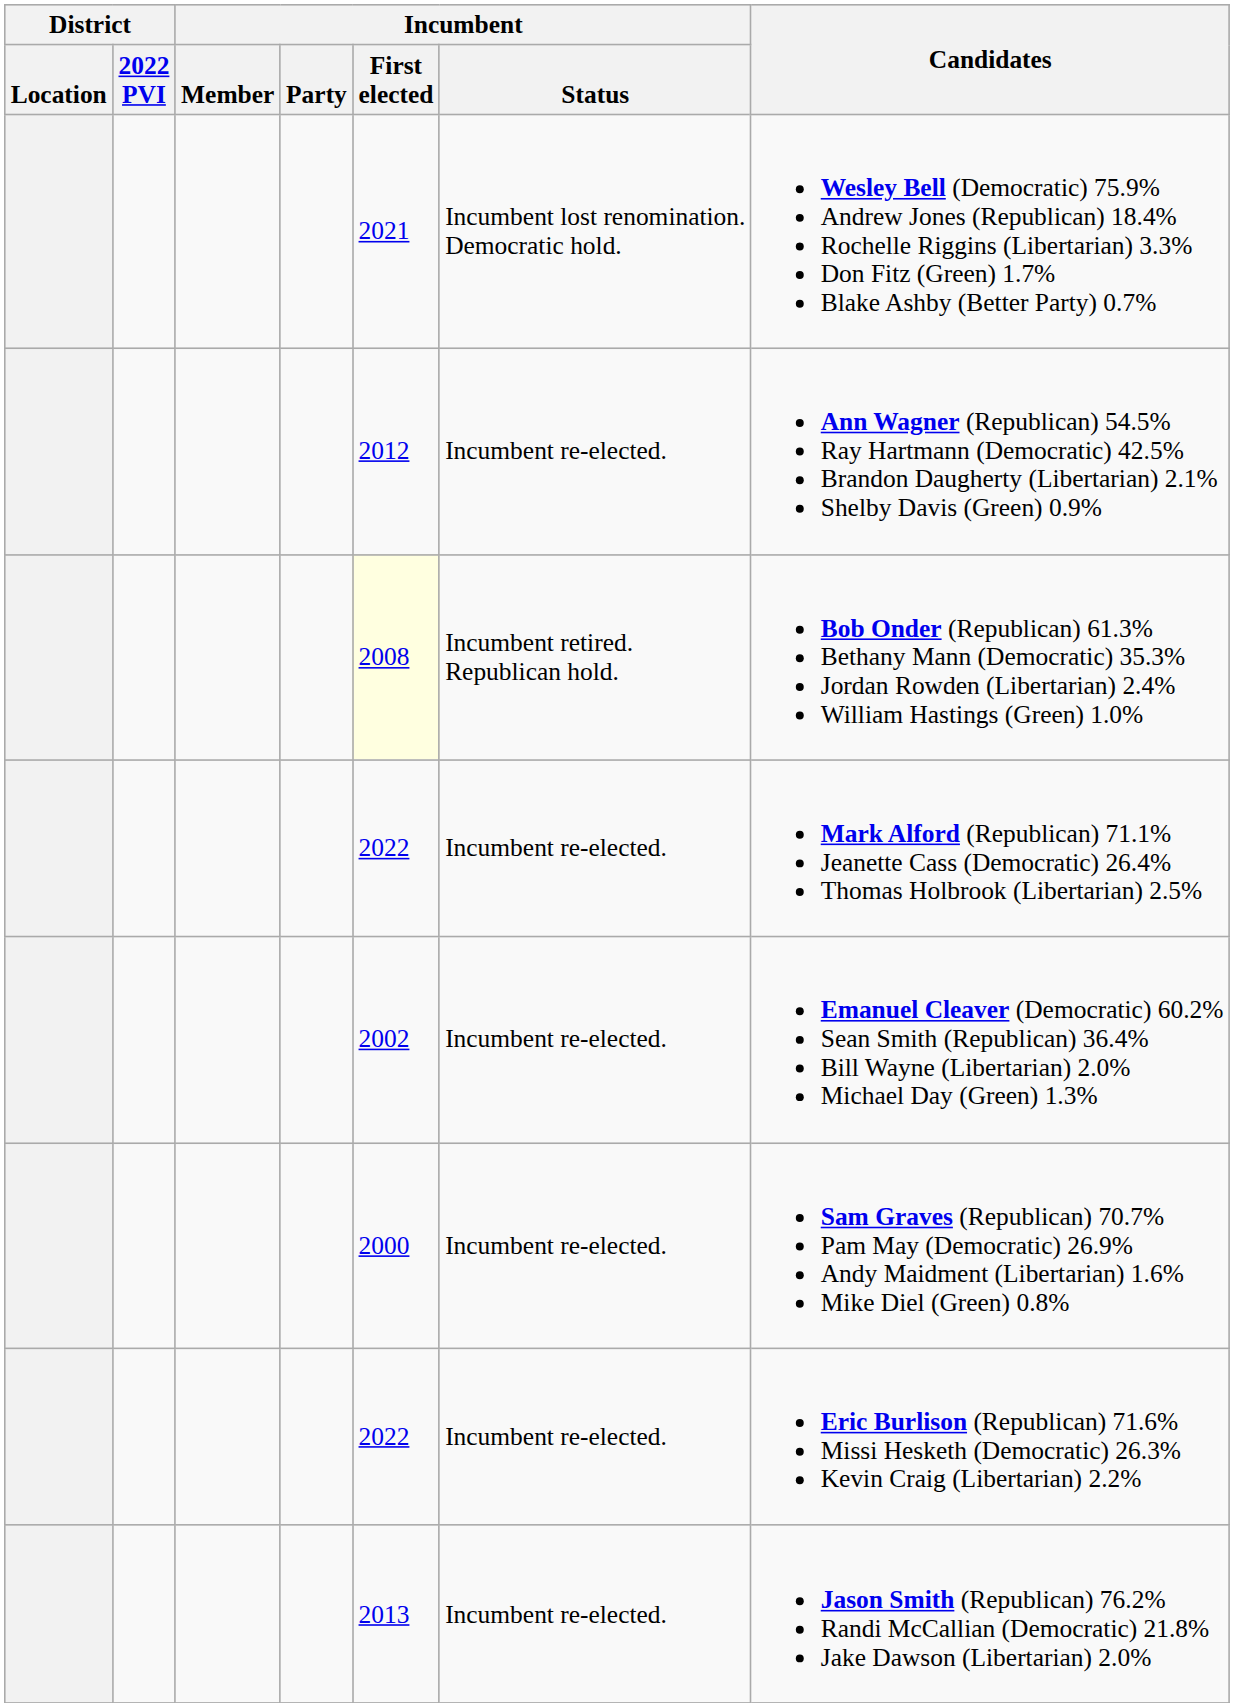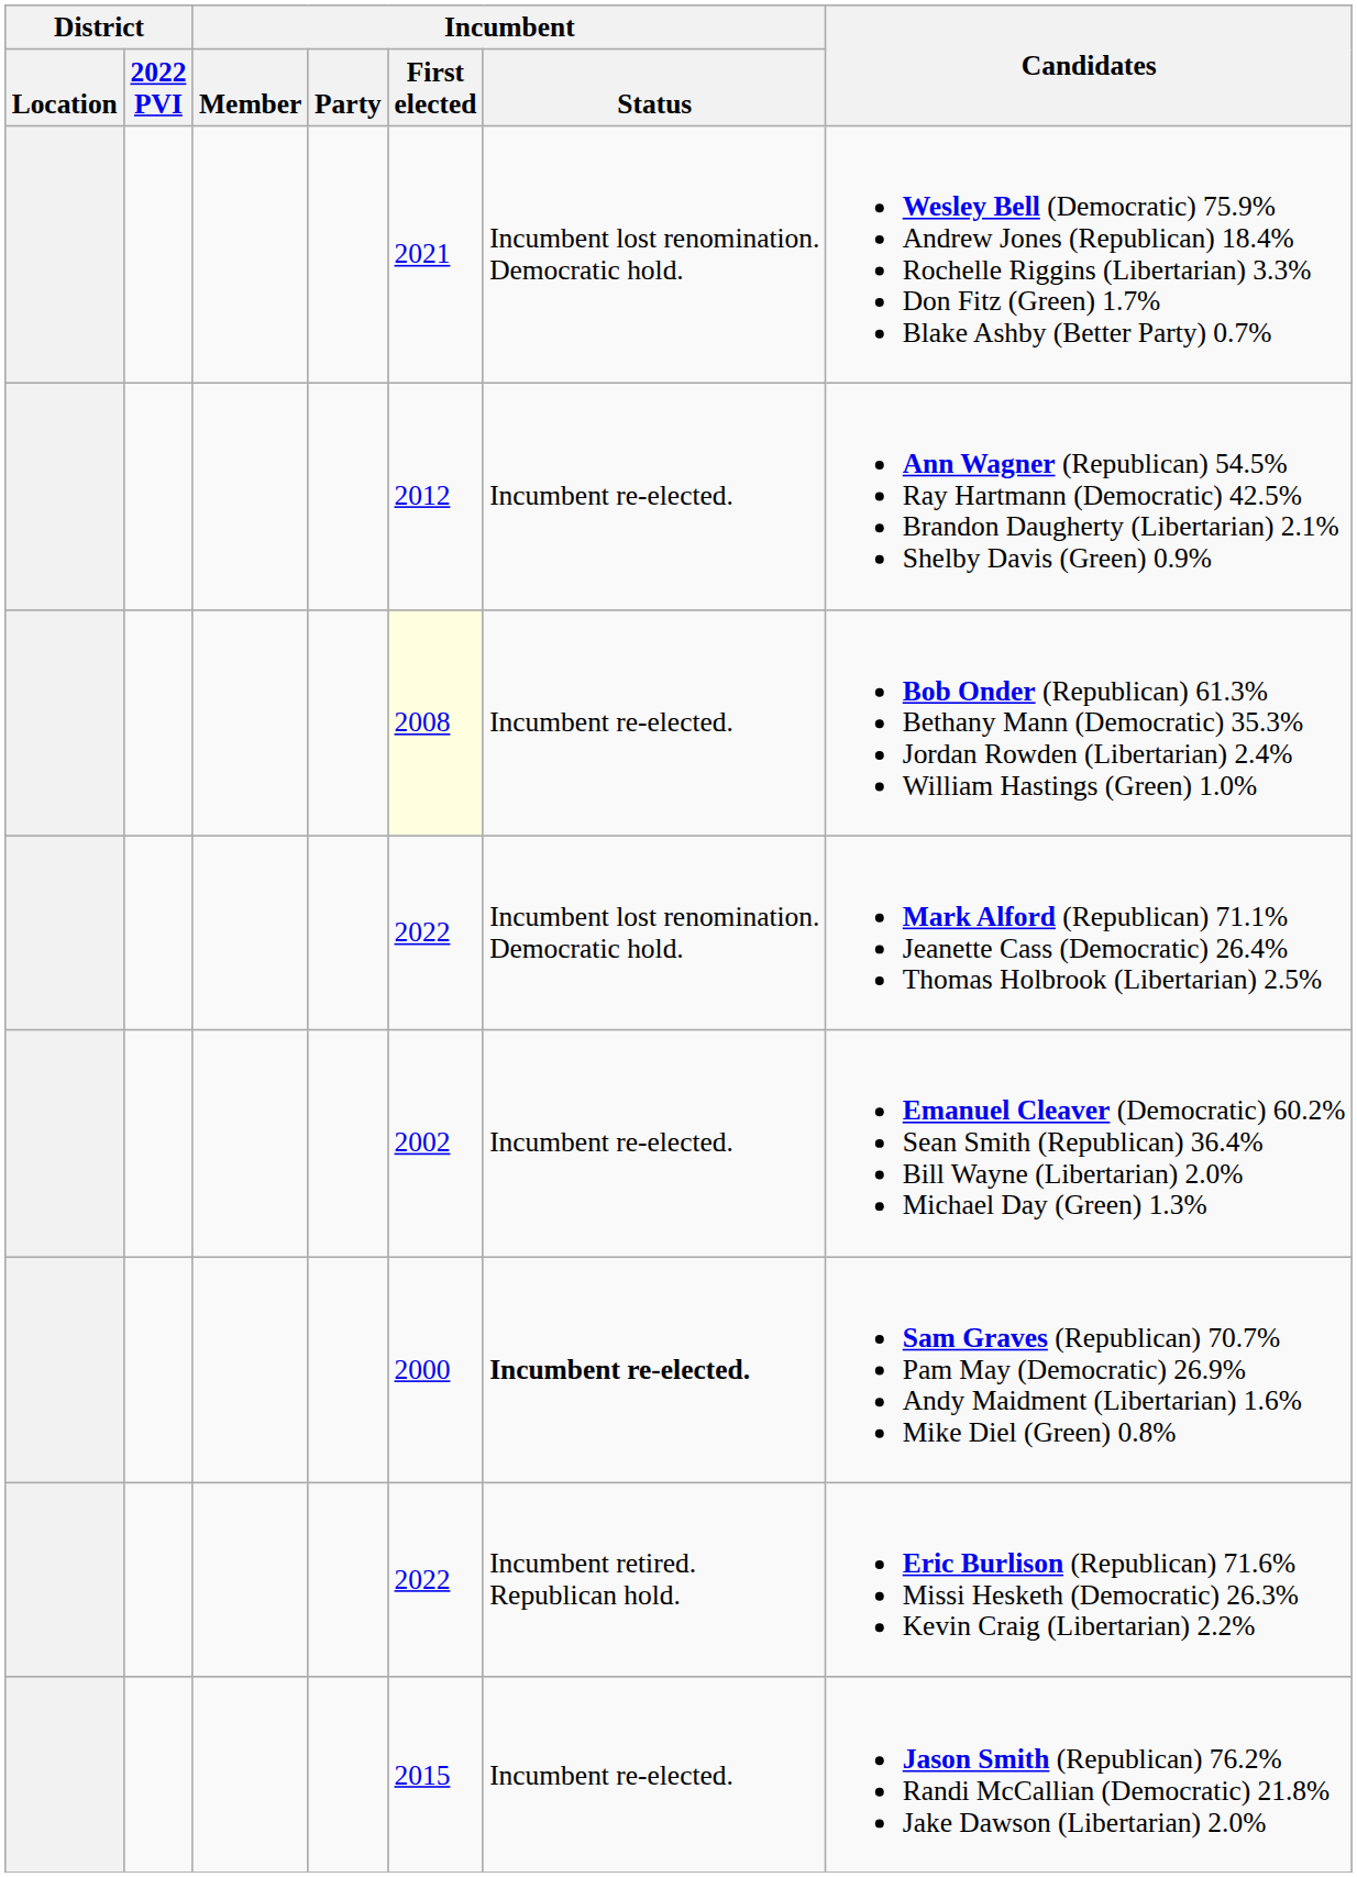 <table class="wikitable sortable">
 <tr>
 <th colspan=2>District</th>
 <th colspan=4>Incumbent</th>
 <th rowspan=2 class="unsortable">Candidates</th>
 </tr>
 <tr valign=bottom>
 <th>Location</th>
 <th><a href='#'>2022<br>PVI</a></th>
 <th>Member</th>
 <th>Party</th>
 <th>First<br>elected</th>
 <th>Status</th>
 </tr>
 <tr>
 <th></th>
 <td></td>
 <td></td>
 <td></td>
 <td><a href='#'>2021</a></td>
 <td>Incumbent lost renomination.<br>Democratic hold.</td>
 <td nowrap><br><ul><li> <strong><a href='#'>Wesley Bell</a></strong> (Democratic) 75.9%</li><li>Andrew Jones (Republican) 18.4%</li><li>Rochelle Riggins (Libertarian) 3.3%</li><li>Don Fitz (Green) 1.7%</li><li>Blake Ashby (Better Party) 0.7%</li></ul></td>
 </tr>
 <tr>
 <th></th>
 <td></td>
 <td></td>
 <td></td>
 <td><a href='#'>2012</a></td>
 <td>Incumbent re-elected.</td>
 <td nowrap><br><ul><li> <strong><a href='#'>Ann Wagner</a></strong> (Republican) 54.5%</li><li>Ray Hartmann (Democratic) 42.5%</li><li>Brandon Daugherty (Libertarian) 2.1%</li><li>Shelby Davis (Green) 0.9%</li></ul></td>
 </tr>
 <tr>
 <th></th>
 <td></td>
 <td></td>
 <td></td>
 <td style="background: lightyellow;"><a href='#'>2008</a></td>
-<td>Incumbent retired.<br>Republican hold.</td>
+<td>Incumbent re-elected.</td>
 <td nowrap><br><ul><li> <strong><a href='#'>Bob Onder</a></strong> (Republican) 61.3%</li><li>Bethany Mann (Democratic) 35.3%</li><li>Jordan Rowden (Libertarian) 2.4%</li><li>William Hastings (Green) 1.0%</li></ul></td>
 </tr>
 <tr>
 <th></th>
 <td></td>
 <td></td>
 <td></td>
 <td><a href='#'>2022</a></td>
-<td>Incumbent re-elected.</td>
+<td>Incumbent lost renomination.<br>Democratic hold.</td>
 <td nowrap><br><ul><li> <strong><a href='#'>Mark Alford</a></strong> (Republican) 71.1%</li><li>Jeanette Cass (Democratic) 26.4%</li><li>Thomas Holbrook (Libertarian) 2.5%</li></ul></td>
 </tr>
 <tr>
 <th></th>
 <td></td>
 <td></td>
 <td></td>
 <td><a href='#'>2002</a></td>
 <td>Incumbent re-elected.</td>
 <td nowrap><br><ul><li> <strong><a href='#'>Emanuel Cleaver</a></strong> (Democratic) 60.2%</li><li>Sean Smith (Republican) 36.4%</li><li>Bill Wayne (Libertarian) 2.0%</li><li>Michael Day (Green) 1.3%</li></ul></td>
 </tr>
 <tr>
 <th></th>
 <td></td>
 <td></td>
 <td></td>
 <td><a href='#'>2000</a></td>
-<td>Incumbent re-elected.</td>
+<td><strong>Incumbent re-elected.</strong></td>
 <td nowrap><br><ul><li> <strong><a href='#'>Sam Graves</a></strong> (Republican) 70.7%</li><li>Pam May (Democratic) 26.9%</li><li>Andy Maidment (Libertarian) 1.6%</li><li>Mike Diel (Green) 0.8%</li></ul></td>
 </tr>
 <tr>
 <th></th>
 <td></td>
 <td></td>
 <td></td>
 <td><a href='#'>2022</a></td>
-<td>Incumbent re-elected.</td>
+<td>Incumbent retired.<br>Republican hold.</td>
 <td nowrap><br><ul><li> <strong><a href='#'>Eric Burlison</a></strong> (Republican) 71.6%</li><li>Missi Hesketh (Democratic) 26.3%</li><li>Kevin Craig (Libertarian) 2.2%</li></ul></td>
 </tr>
 <tr>
 <th></th>
 <td></td>
 <td></td>
 <td></td>
-<td><a href='#'>2013 </a></td>
+<td><a href='#'>2015 </a></td>
 <td>Incumbent re-elected.</td>
 <td nowrap><br><ul><li> <strong><a href='#'>Jason Smith</a></strong> (Republican) 76.2%</li><li>Randi McCallian (Democratic) 21.8%</li><li>Jake Dawson (Libertarian) 2.0%</li></ul></td>
 </tr>
 </table>
